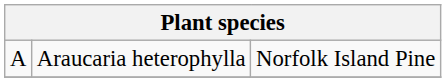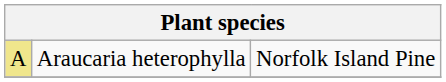 <table class="wikitable" style="clear">
 <tr>
 <th colspan=3><strong>Plant species</strong><br></th>
 </tr>
 <tr>
-<td>A</td>
+<td style="background: khaki;">A</td>
 <td>Araucaria heterophylla</td>
 <td>Norfolk Island Pine</td>
 </tr>
 <tr>
 </tr>
 </table>
